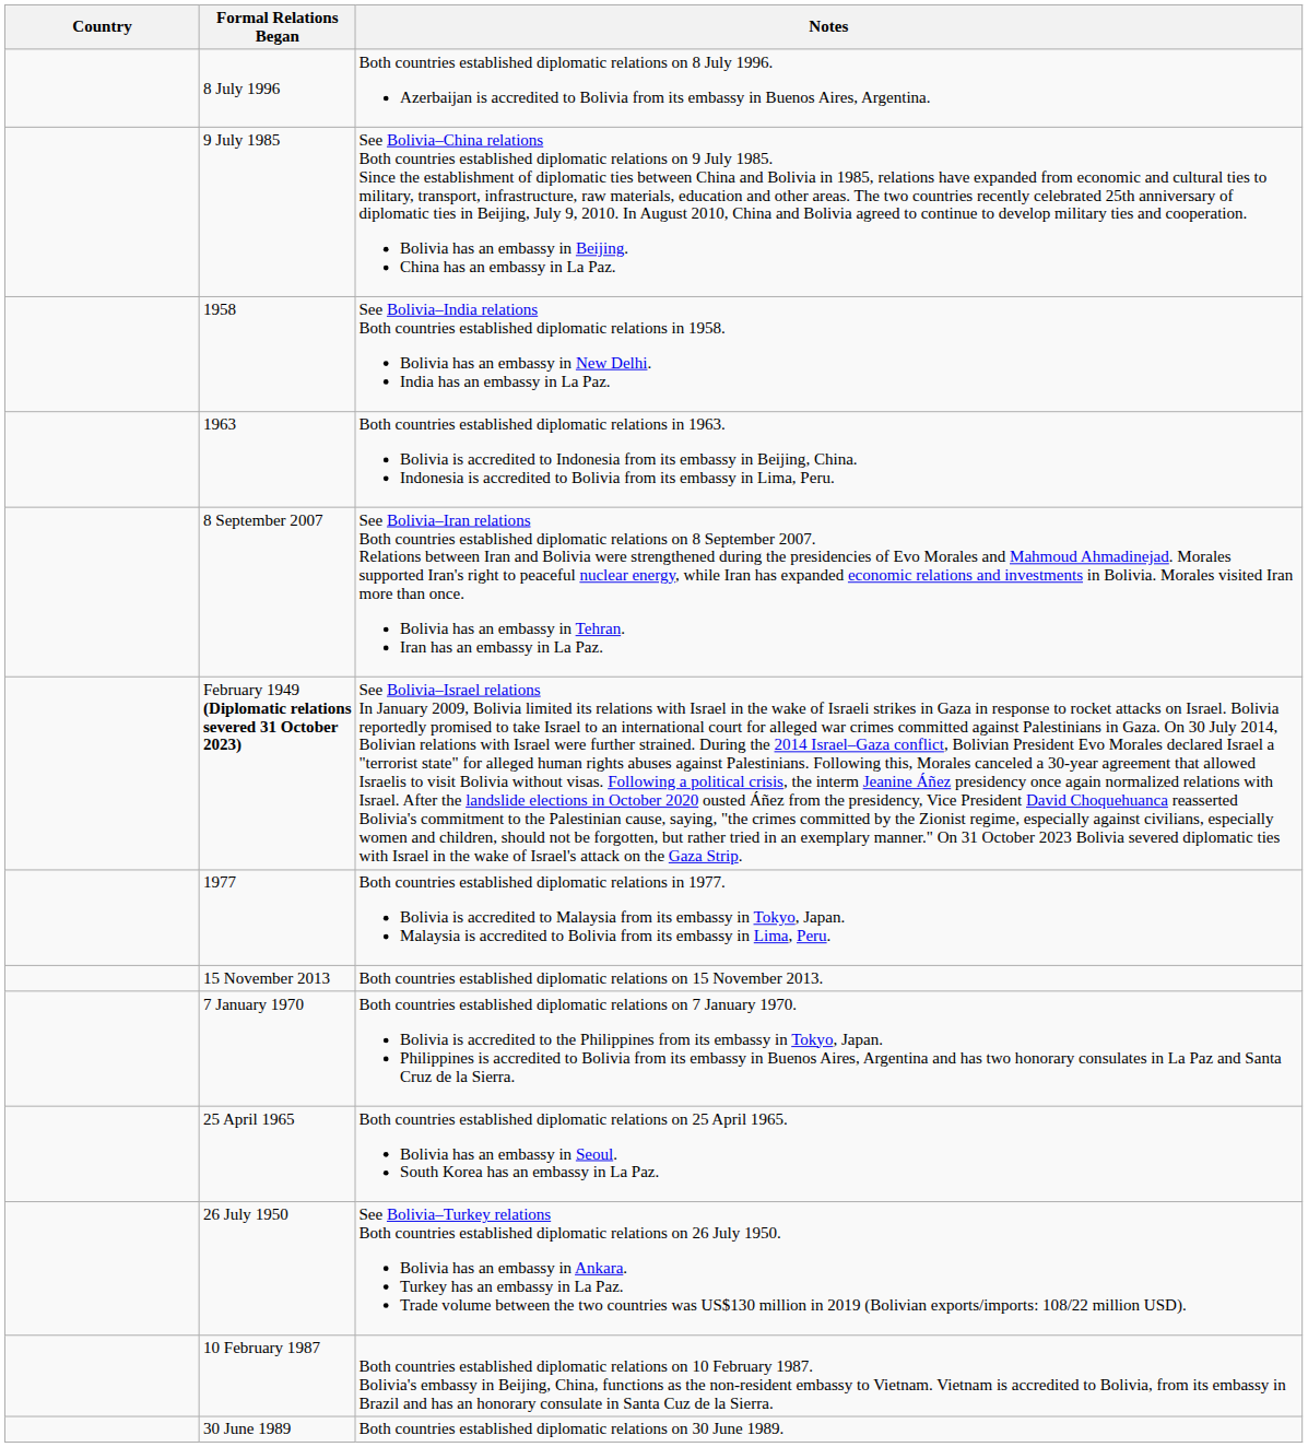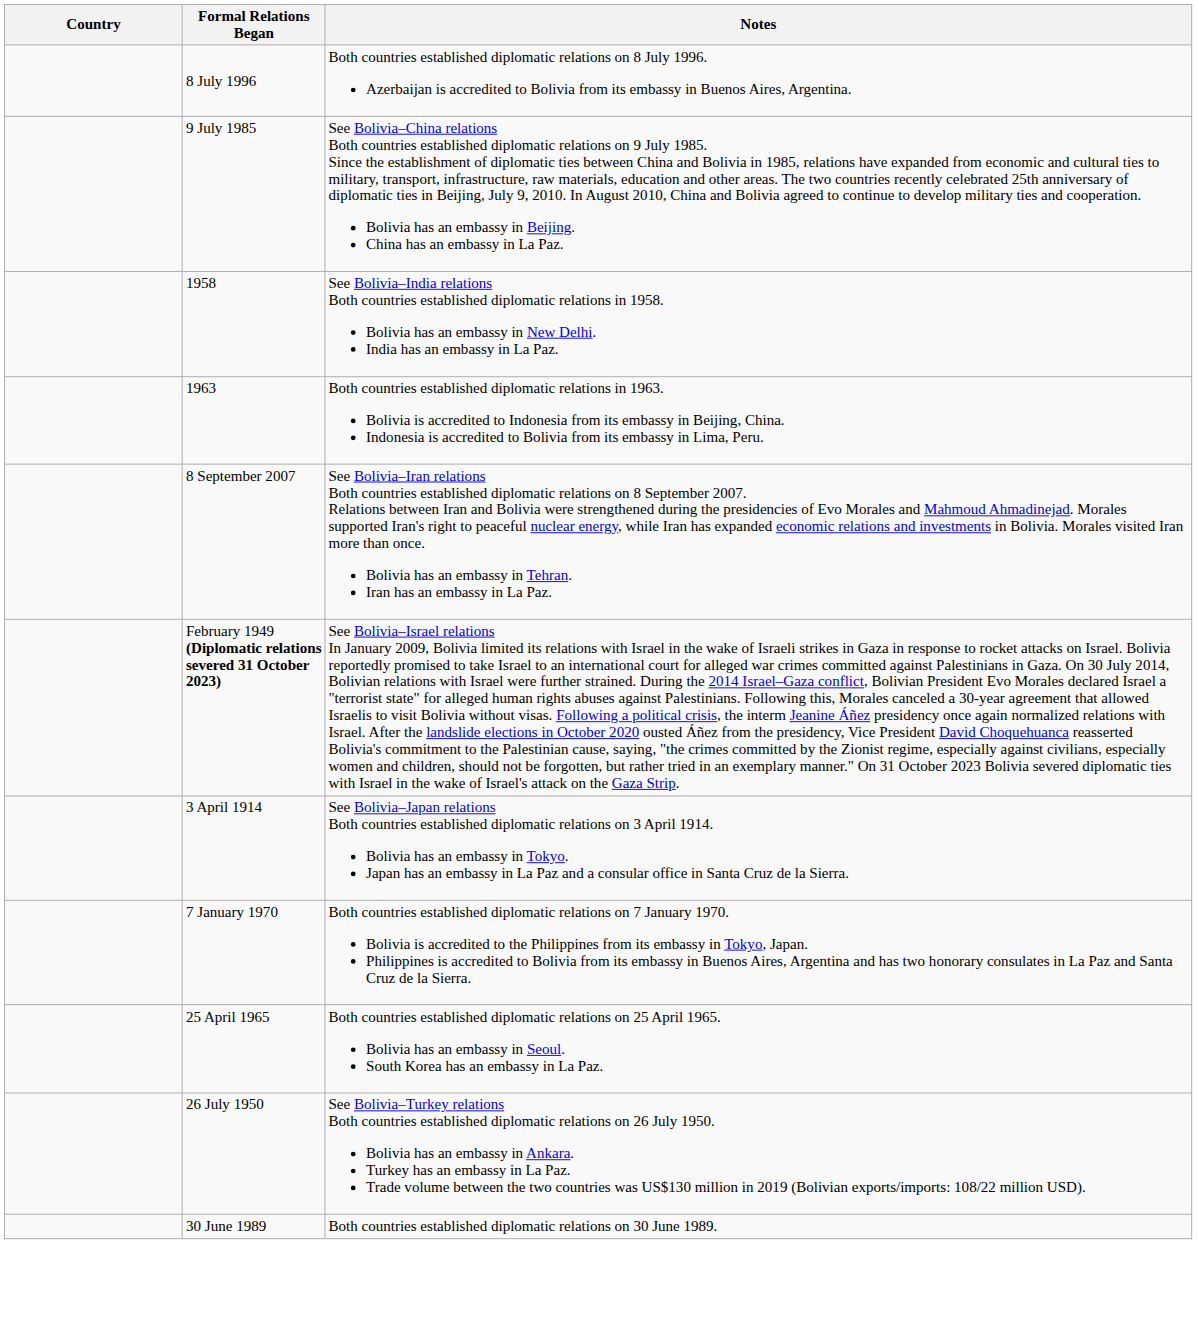 <table class="wikitable sortable" style="width:100%; margin:auto;">
 <tr>
 <th style="width:15%;">Country</th>
 <th style="width:12%;">Formal Relations Began</th>
 <th>Notes</th>
 </tr>
 <tr>
 <td></td>
 <td>8 July 1996</td>
 <td>Both countries established diplomatic relations on 8 July 1996.<br><ul><li>Azerbaijan is accredited to Bolivia from its embassy in Buenos Aires, Argentina.</li></ul></td>
 </tr>
 <tr valign="top">
 <td></td>
 <td>9 July 1985</td>
 <td>See <a href='#'>Bolivia–China relations</a><br>Both countries established diplomatic relations on 9 July 1985.<br>Since the establishment of diplomatic ties between China and Bolivia in 1985, relations have expanded from economic and cultural ties to military, transport, infrastructure, raw materials, education and other areas. The two countries recently celebrated 25th anniversary of diplomatic ties in Beijing, July 9, 2010. In August 2010, China and Bolivia agreed to continue to develop military ties and cooperation.<ul><li>Bolivia has an embassy in <a href='#'>Beijing</a>.</li><li>China has an embassy in La Paz.</li></ul></td>
 </tr>
 <tr valign="top">
 <td></td>
 <td>1958</td>
 <td>See <a href='#'>Bolivia–India relations</a><br>Both countries established diplomatic relations in 1958.<ul><li>Bolivia has an embassy in <a href='#'>New Delhi</a>.</li><li>India has an embassy in La Paz.</li></ul></td>
 </tr>
 <tr valign="top">
 <td></td>
 <td>1963</td>
 <td>Both countries established diplomatic relations in 1963.<br><ul><li>Bolivia is accredited to Indonesia from its embassy in Beijing, China.</li><li>Indonesia is accredited to Bolivia from its embassy in Lima, Peru.</li></ul></td>
 </tr>
 <tr valign="top">
 <td></td>
 <td>8 September 2007</td>
 <td>See <a href='#'>Bolivia–Iran relations</a><br>Both countries established diplomatic relations on 8 September 2007.<br>Relations between Iran and Bolivia were strengthened during the presidencies of Evo Morales and <a href='#'>Mahmoud Ahmadinejad</a>. Morales supported Iran's right to peaceful <a href='#'>nuclear energy</a>, while Iran has expanded <a href='#'>economic relations and investments</a> in Bolivia. Morales visited Iran more than once.<ul><li>Bolivia has an embassy in <a href='#'>Tehran</a>.</li><li>Iran has an embassy in La Paz.</li></ul></td>
 </tr>
 <tr valign="top">
 <td></td>
 <td>February 1949<br><strong>(Diplomatic relations severed 31 October 2023)</strong></td>
 <td>See <a href='#'>Bolivia–Israel relations</a><br>In January 2009, Bolivia limited its relations with Israel in the wake of Israeli strikes in Gaza in response to rocket attacks on Israel. Bolivia reportedly promised to take Israel to an international court for alleged war crimes committed against Palestinians in Gaza. On 30 July 2014, Bolivian relations with Israel were further strained. During the <a href='#'>2014 Israel–Gaza conflict</a>, Bolivian President Evo Morales declared Israel a "terrorist state" for alleged human rights abuses against Palestinians. Following this, Morales canceled a 30-year agreement that allowed Israelis to visit Bolivia without visas. <a href='#'>Following a political crisis</a>, the interm <a href='#'>Jeanine Áñez</a> presidency once again normalized relations with Israel. After the <a href='#'>landslide elections in October 2020</a> ousted Áñez from the presidency, Vice President <a href='#'>David Choquehuanca</a> reasserted Bolivia's commitment to the Palestinian cause, saying, "the crimes committed by the Zionist regime, especially against civilians, especially women and children, should not be forgotten, but rather tried in an exemplary manner." On 31 October 2023 Bolivia severed diplomatic ties with Israel in the wake of Israel's attack on the <a href='#'>Gaza Strip</a>.</td>
 </tr>
 <tr valign="top">
 <td></td>
-<td>1977</td>
-<td>Both countries established diplomatic relations in 1977.<br><ul><li>Bolivia is accredited to Malaysia from its embassy in <a href='#'>Tokyo</a>, Japan.</li><li>Malaysia is accredited to Bolivia from its embassy in <a href='#'>Lima</a>, <a href='#'>Peru</a>.</li></ul></td>
-</tr>
-<tr>
-<td></td>
-<td>15 November 2013</td>
-<td>Both countries established diplomatic relations on 15 November 2013.</td>
+<td>3 April 1914</td>
+<td>See <a href='#'>Bolivia–Japan relations</a><br>Both countries established diplomatic relations on 3 April 1914.<ul><li>Bolivia has an embassy in <a href='#'>Tokyo</a>.</li><li>Japan has an embassy in La Paz and a consular office in Santa Cruz de la Sierra.</li></ul></td>
 </tr>
 <tr valign="top">
 <td></td>
 <td>7 January 1970</td>
 <td>Both countries established diplomatic relations on 7 January 1970.<br><ul><li>Bolivia is accredited to the Philippines from its embassy in <a href='#'>Tokyo</a>, Japan.</li><li>Philippines is accredited to Bolivia from its embassy in Buenos Aires, Argentina and has two honorary consulates in La Paz and Santa Cruz de la Sierra.</li></ul></td>
 </tr>
 <tr valign="top">
 <td></td>
 <td>25 April 1965</td>
 <td>Both countries established diplomatic relations on 25 April 1965.<br><ul><li>Bolivia has an embassy in <a href='#'>Seoul</a>.</li><li>South Korea has an embassy in La Paz.</li></ul></td>
 </tr>
 <tr valign="top">
 <td></td>
 <td>26 July 1950</td>
 <td>See <a href='#'>Bolivia–Turkey relations</a><br>Both countries established diplomatic relations on 26 July 1950.<ul><li>Bolivia has an embassy in <a href='#'>Ankara</a>.</li><li>Turkey has an embassy in La Paz.</li><li>Trade volume between the two countries was US$130 million in 2019 (Bolivian exports/imports: 108/22 million USD).</li></ul></td>
 </tr>
-<tr valign="top">
-<td></td>
-<td>10 February 1987</td>
-<td><br>Both countries established diplomatic relations on 10 February 1987.<br>Bolivia's embassy in Beijing, China, functions as the non-resident embassy to Vietnam. Vietnam is accredited to Bolivia, from its embassy in Brazil and has an honorary consulate in Santa Cuz de la Sierra.</td>
-</tr>
 <tr>
 <td></td>
 <td>30 June 1989</td>
 <td>Both countries established diplomatic relations on 30 June 1989.</td>
 </tr>
 </table>
